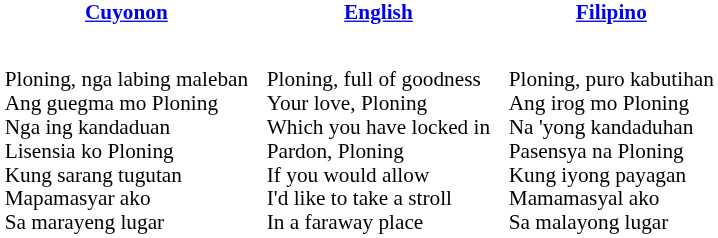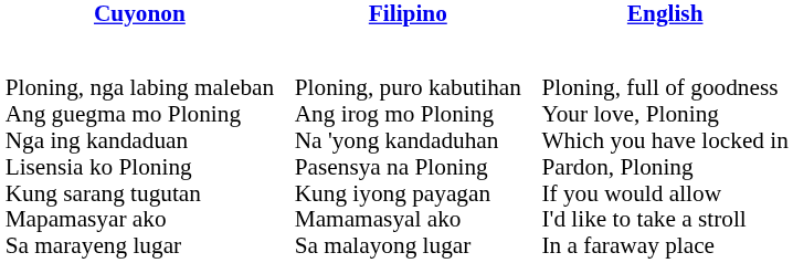 <table cellpadding=6>
 <tr>
 <th><a href='#'>Cuyonon</a></th>
+<th><a href='#'>Filipino</a></th>
 <th><a href='#'>English</a></th>
-<th><a href='#'>Filipino</a></th>
 </tr>
 <tr style="vertical-align:top; white-space:nowrap;">
 <td><br>Ploning, nga labing maleban <br>Ang guegma mo Ploning <br>Nga ing kandaduan <br>Lisensia ko Ploning <br>Kung sarang tugutan <br>Mapamasyar ako <br>Sa marayeng lugar</td>
+<td><br>Ploning, puro kabutihan <br>Ang irog mo Ploning <br>Na 'yong kandaduhan <br>Pasensya na Ploning <br>Kung iyong payagan <br>Mamamasyal ako <br>Sa malayong lugar</td>
 <td><br>Ploning, full of goodness <br>Your love, Ploning <br>Which you have locked in <br>Pardon, Ploning <br>If you would allow <br>I'd like to take a stroll <br>In a faraway place</td>
-<td><br>Ploning, puro kabutihan <br>Ang irog mo Ploning <br>Na 'yong kandaduhan <br>Pasensya na Ploning <br>Kung iyong payagan <br>Mamamasyal ako <br>Sa malayong lugar</td>
 </tr>
 </table>
